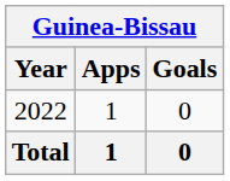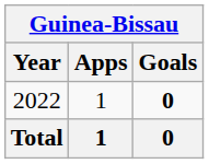 <table class=wikitable style=text-align:center>
 <tr>
 <th colspan=4><a href='#'>Guinea-Bissau</a></th>
 </tr>
 <tr>
 <th>Year</th>
 <th>Apps</th>
 <th>Goals</th>
 </tr>
 <tr>
 <td>2022</td>
 <td>1</td>
-<td>0</td>
+<td><strong>0</strong></td>
 </tr>
 <tr>
 <th colspan=1>Total</th>
 <th>1</th>
 <th>0</th>
 </tr>
 </table>
